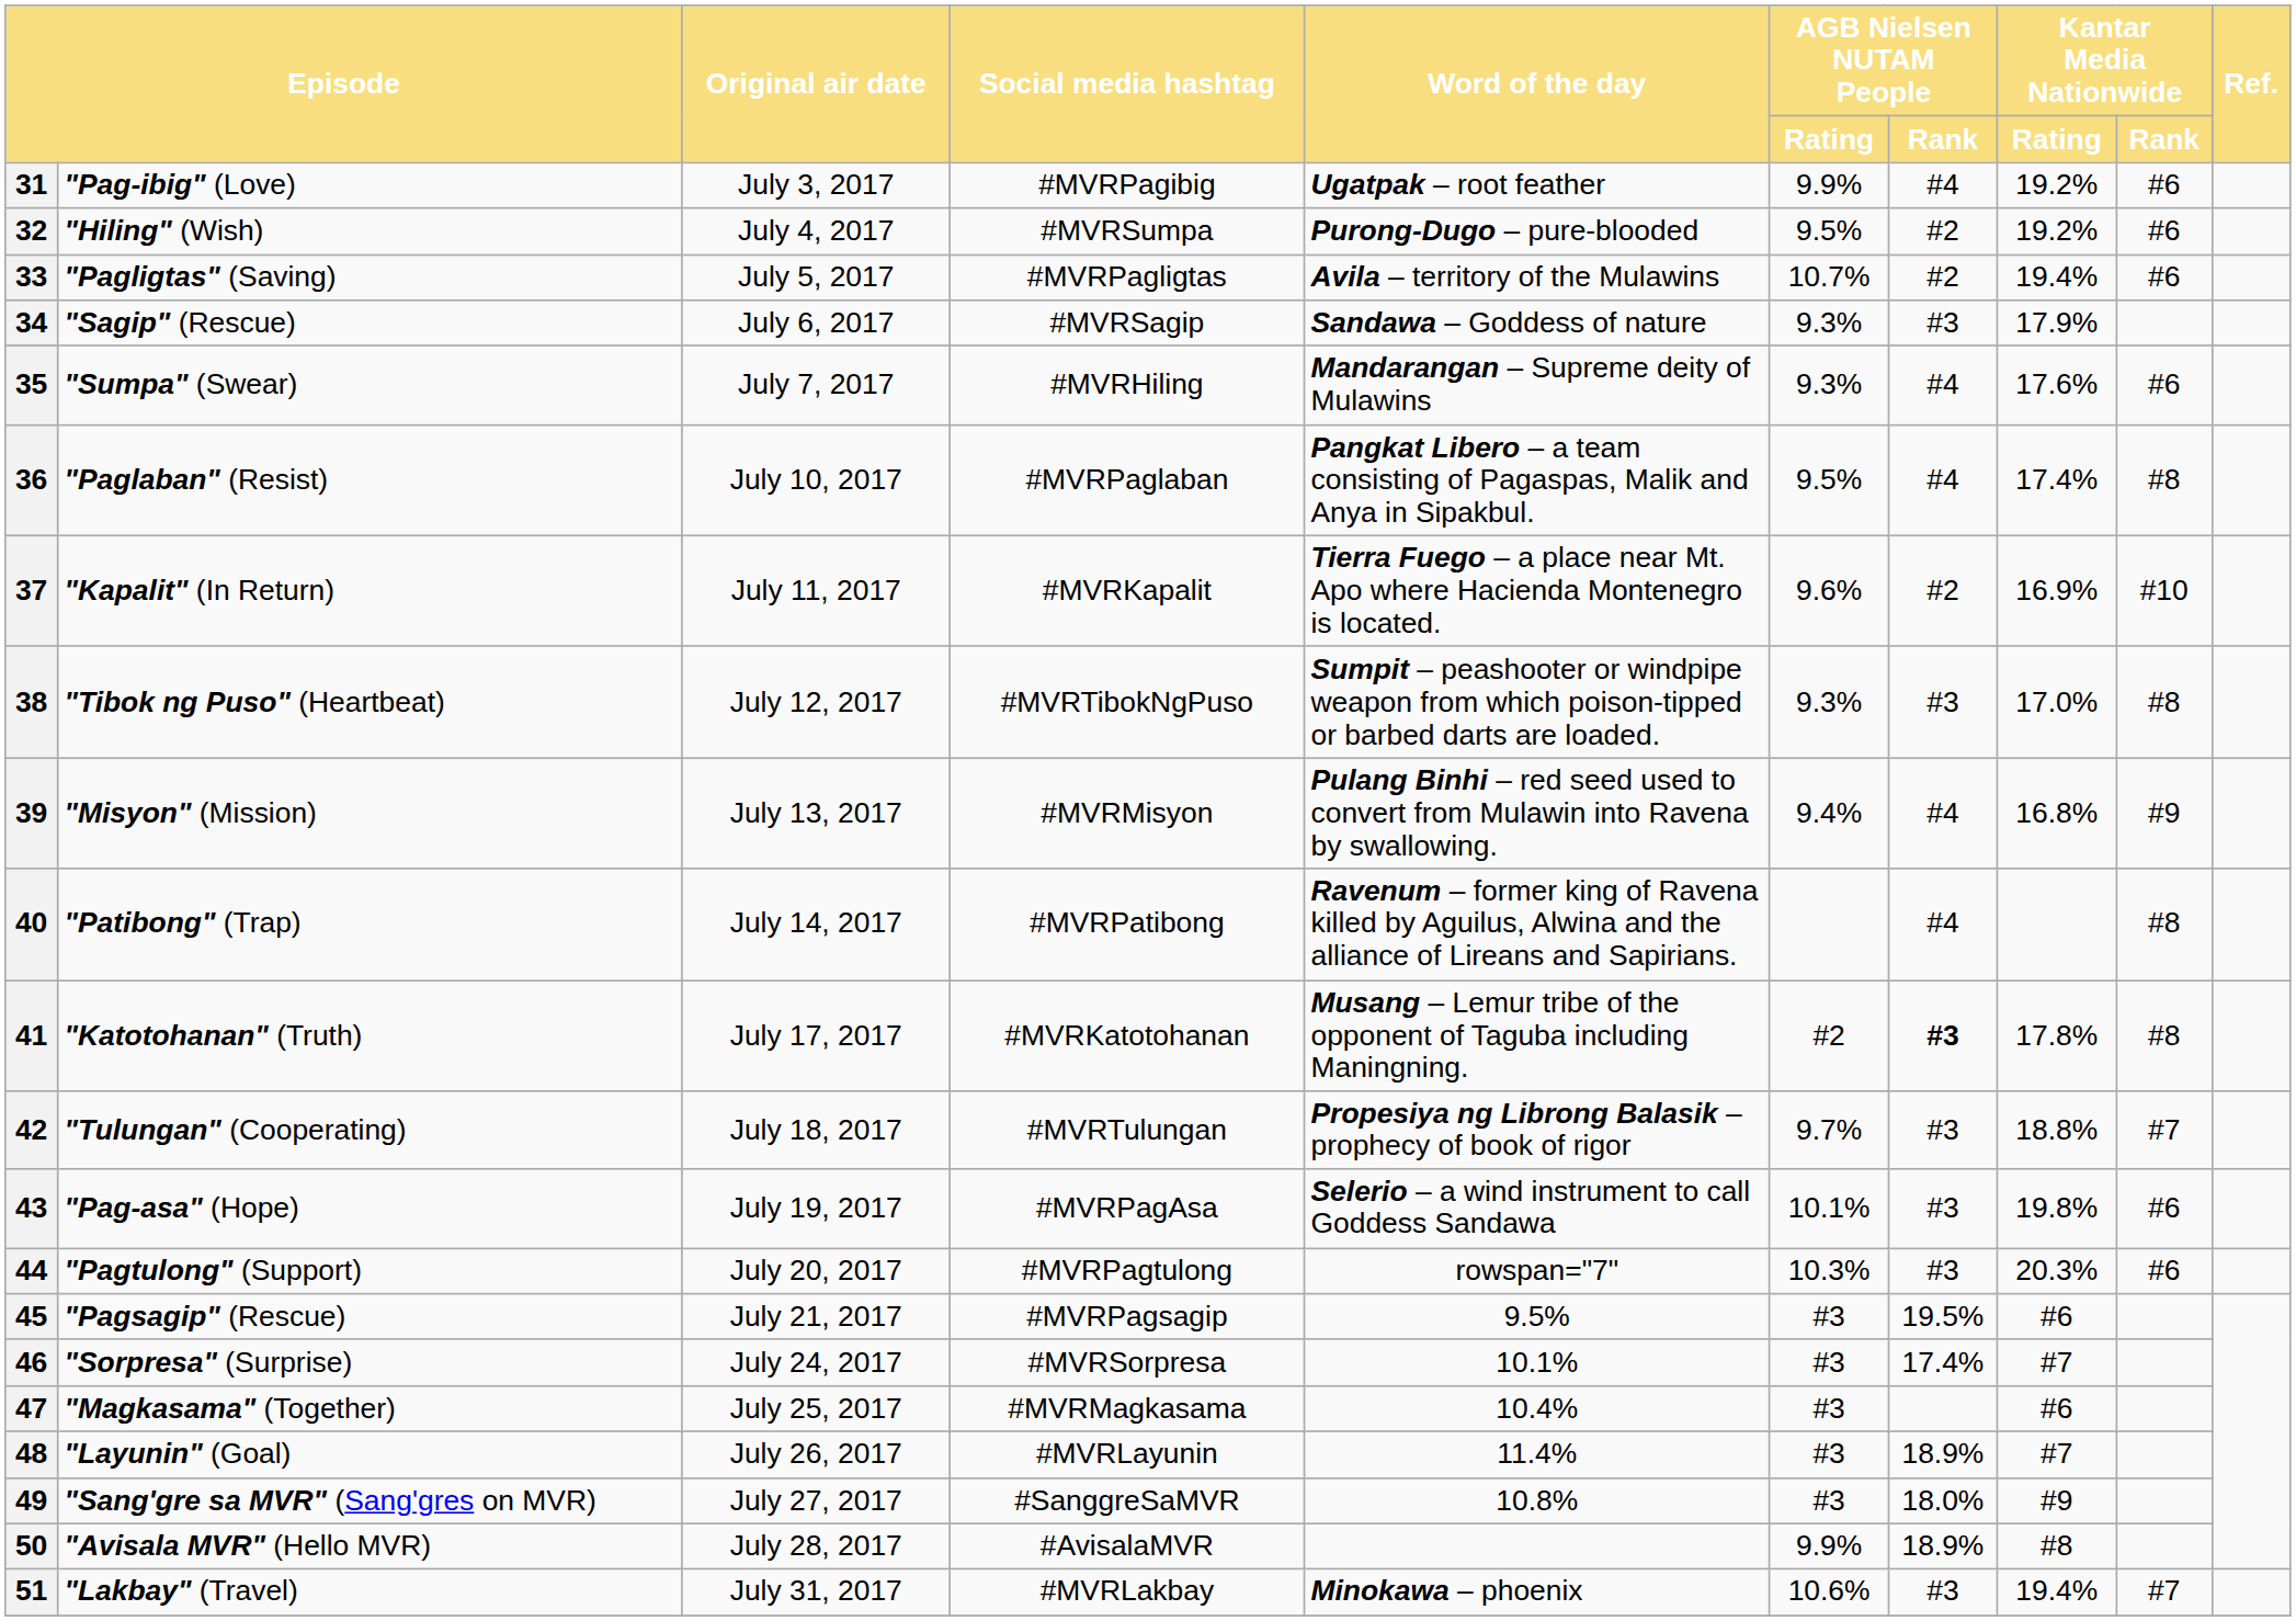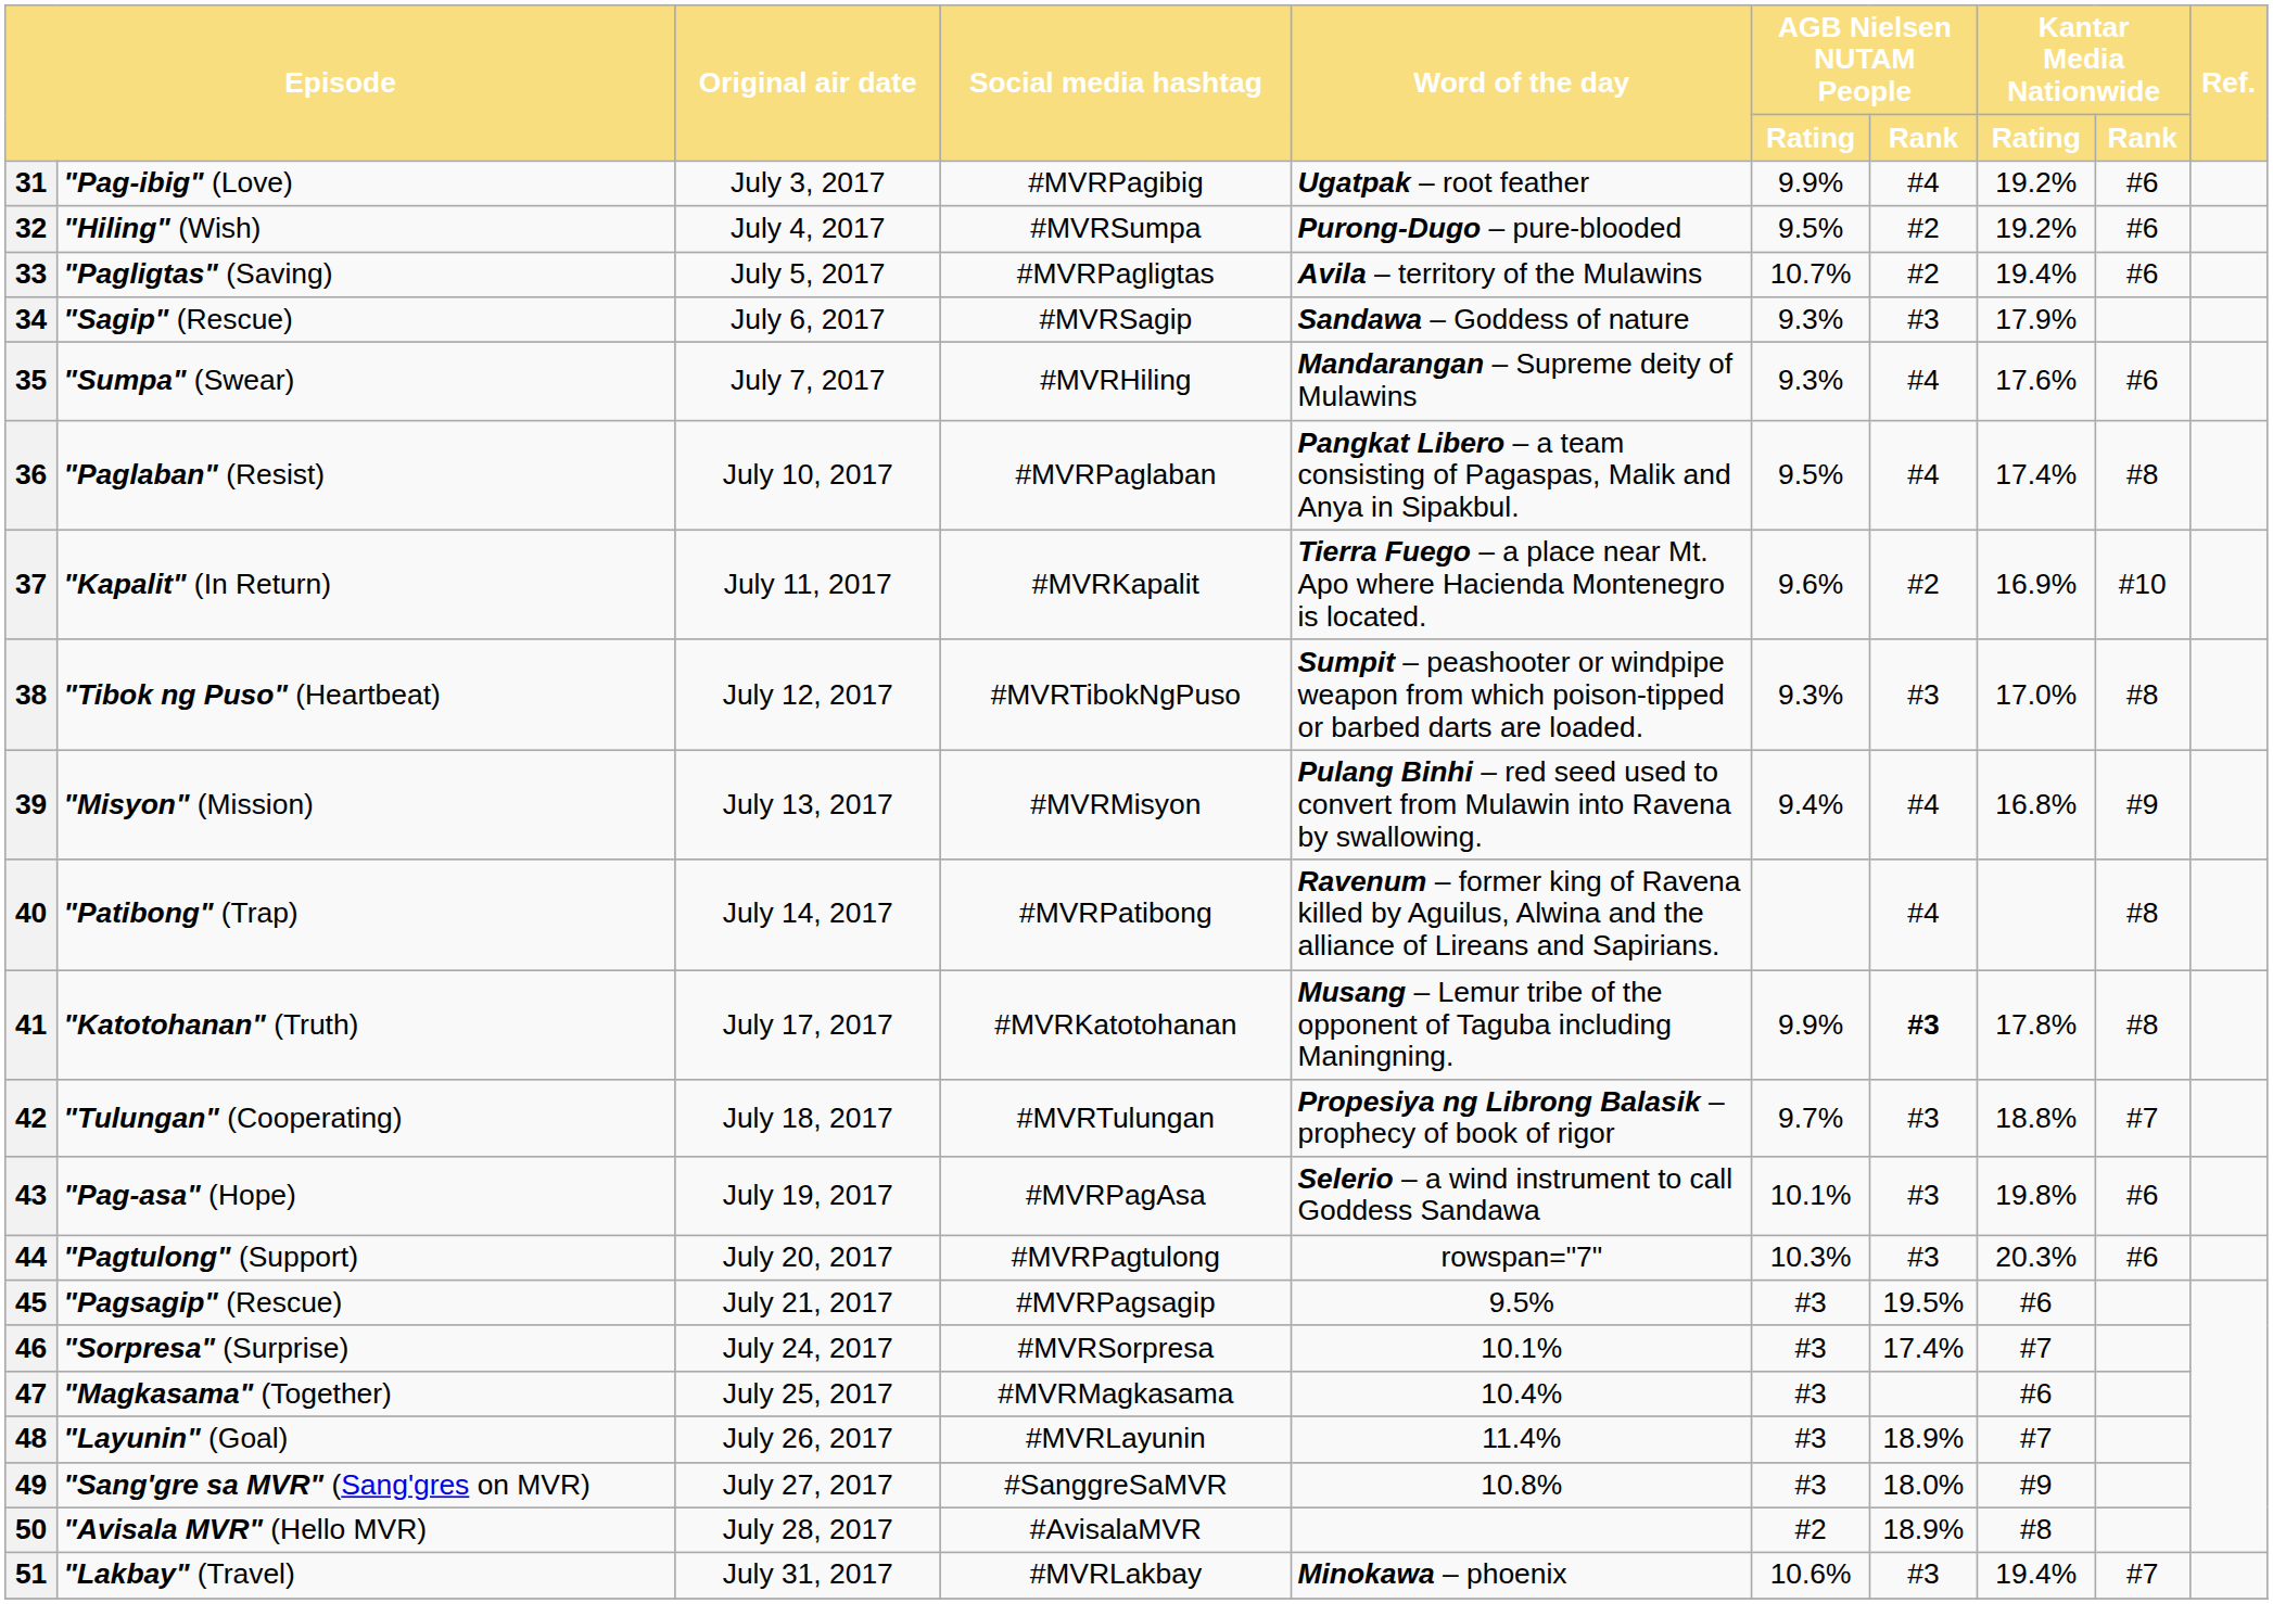 <table class="wikitable" style="text-align:center; font-size:100%; line-height:18px;"  width="100%">
 <tr>
 <th colspan="2" rowspan="2" style="background:#F8DE7E; color:#ffffff">Episode</th>
 <th rowspan="2" style="background:#F8DE7E; color:#ffffff">Original air date</th>
 <th rowspan="2" style="background:#F8DE7E; color:#ffffff">Social media hashtag</th>
 <th rowspan="2" style="background:#F8DE7E; width:250px; color:#ffffff">Word of the day</th>
 <th colspan="2" style="background:#F8DE7E; color:#ffffff">AGB Nielsen<br>NUTAM<br>People</th>
 <th colspan="2" style="background:#F8DE7E; color:#ffffff">Kantar<br>Media<br>Nationwide</th>
 <th rowspan="2" style="background:#F8DE7E; color:#ffffff">Ref.</th>
 </tr>
 <tr>
 <th style="background-color:#F8DE7E; color:#ffffff;">Rating</th>
 <th style="background-color:#F8DE7E; color:#ffffff;">Rank</th>
 <th style="background-color:#F8DE7E; color:#ffffff;">Rating</th>
 <th style="background-color:#F8DE7E; color:#ffffff;">Rank</th>
 </tr>
 <tr>
 <th>31</th>
 <td style="text-align: left;"><strong><em>"Pag-ibig"</em></strong> (Love)</td>
 <td>July 3, 2017</td>
 <td>#MVRPagibig</td>
 <td style="text-align: left;"><strong><em>Ugatpak</em></strong> – root feather</td>
 <td>9.9%</td>
 <td>#4</td>
 <td>19.2%</td>
 <td>#6</td>
 <td></td>
 </tr>
 <tr>
 <th>32</th>
 <td style="text-align: left;"><strong><em>"Hiling"</em></strong> (Wish)</td>
 <td>July 4, 2017</td>
 <td>#MVRSumpa</td>
 <td style="text-align: left;"><strong><em>Purong-Dugo</em></strong> – pure-blooded</td>
 <td>9.5%</td>
 <td>#2</td>
 <td>19.2%</td>
 <td>#6</td>
 <td></td>
 </tr>
 <tr>
 <th>33</th>
 <td style="text-align: left;"><strong><em>"Pagligtas"</em></strong> (Saving)</td>
 <td>July 5, 2017</td>
 <td>#MVRPagligtas</td>
 <td style="text-align: left;"><strong><em>Avila</em></strong> – territory of the Mulawins</td>
 <td>10.7%</td>
 <td>#2</td>
 <td>19.4%</td>
 <td>#6</td>
 <td></td>
 </tr>
 <tr>
 <th>34</th>
 <td style="text-align: left;"><strong><em>"Sagip"</em></strong> (Rescue)</td>
 <td>July 6, 2017</td>
 <td>#MVRSagip</td>
 <td style="text-align: left;"><strong><em>Sandawa</em></strong> – Goddess of nature</td>
 <td>9.3%</td>
 <td>#3</td>
 <td>17.9%</td>
 <td></td>
 <td></td>
 </tr>
 <tr>
 <th>35</th>
 <td style="text-align: left;"><strong><em>"Sumpa"</em></strong> (Swear)</td>
 <td>July 7, 2017</td>
 <td>#MVRHiling</td>
 <td style="text-align: left;"><strong><em>Mandarangan</em></strong> – Supreme deity of Mulawins</td>
 <td>9.3%</td>
 <td>#4</td>
 <td>17.6%</td>
 <td>#6</td>
 <td></td>
 </tr>
 <tr>
 <th>36</th>
 <td style="text-align: left;"><strong><em>"Paglaban"</em></strong> (Resist)</td>
 <td>July 10, 2017</td>
 <td>#MVRPaglaban</td>
 <td style="text-align: left;"><strong><em>Pangkat Libero</em></strong> – a team consisting of Pagaspas, Malik and Anya in Sipakbul.</td>
 <td>9.5%</td>
 <td>#4</td>
 <td>17.4%</td>
 <td>#8</td>
 <td></td>
 </tr>
 <tr>
 <th>37</th>
 <td style="text-align: left;"><strong><em>"Kapalit"</em></strong> (In Return)</td>
 <td>July 11, 2017</td>
 <td>#MVRKapalit</td>
 <td style="text-align: left;"><strong><em>Tierra Fuego</em></strong> – a place near Mt. Apo where Hacienda Montenegro is located.</td>
 <td>9.6%</td>
 <td>#2</td>
 <td>16.9%</td>
 <td>#10</td>
 <td></td>
 </tr>
 <tr>
 <th>38</th>
 <td style="text-align: left;"><strong><em>"Tibok ng Puso"</em></strong> (Heartbeat)</td>
 <td>July 12, 2017</td>
 <td>#MVRTibokNgPuso</td>
 <td style="text-align: left;"><strong><em>Sumpit</em></strong> – peashooter or windpipe weapon from which poison-tipped or barbed darts are loaded.</td>
 <td>9.3%</td>
 <td>#3</td>
 <td>17.0%</td>
 <td>#8</td>
 <td></td>
 </tr>
 <tr>
 <th>39</th>
 <td style="text-align: left;"><strong><em>"Misyon"</em></strong> (Mission)</td>
 <td>July 13, 2017</td>
 <td>#MVRMisyon</td>
 <td style="text-align: left;"><strong><em>Pulang Binhi</em></strong> – red seed used to convert from Mulawin into Ravena by swallowing.</td>
 <td>9.4%</td>
 <td>#4</td>
 <td>16.8%</td>
 <td>#9</td>
 <td></td>
 </tr>
 <tr>
 <th>40</th>
 <td style="text-align: left;"><strong><em>"Patibong"</em></strong> (Trap)</td>
 <td>July 14, 2017</td>
 <td>#MVRPatibong</td>
 <td style="text-align: left;"><strong><em>Ravenum</em></strong> – former king of Ravena killed by Aguilus, Alwina and the alliance of Lireans and Sapirians.</td>
 <td></td>
 <td>#4</td>
 <td></td>
 <td>#8</td>
 <td></td>
 </tr>
 <tr>
 <th>41</th>
 <td style="text-align: left;"><strong><em>"Katotohanan"</em></strong> (Truth)</td>
 <td>July 17, 2017</td>
 <td>#MVRKatotohanan</td>
 <td style="text-align: left;"><strong><em>Musang</em></strong> – Lemur tribe of the opponent of Taguba including Maningning.</td>
-<td>#2</td>
+<td>9.9%</td>
 <td><strong>#3</strong></td>
 <td>17.8%</td>
 <td>#8</td>
 <td></td>
 </tr>
 <tr>
 <th>42</th>
 <td style="text-align: left;"><strong><em>"Tulungan"</em></strong> (Cooperating)</td>
 <td>July 18, 2017</td>
 <td>#MVRTulungan</td>
 <td style="text-align: left;"><strong><em>Propesiya ng Librong Balasik</em></strong> – prophecy of book of rigor</td>
 <td>9.7%</td>
 <td>#3</td>
 <td>18.8%</td>
 <td>#7</td>
 <td></td>
 </tr>
 <tr>
 <th>43</th>
 <td style="text-align: left;"><strong><em>"Pag-asa"</em></strong> (Hope)</td>
 <td>July 19, 2017</td>
 <td>#MVRPagAsa</td>
 <td style="text-align: left;"><strong><em>Selerio</em></strong> – a wind instrument to call Goddess Sandawa</td>
 <td>10.1%</td>
 <td>#3</td>
 <td>19.8%</td>
 <td>#6</td>
 <td></td>
 </tr>
 <tr>
 <th>44</th>
 <td style="text-align: left;"><strong><em>"Pagtulong"</em></strong> (Support)</td>
 <td>July 20, 2017</td>
 <td>#MVRPagtulong</td>
 <td>rowspan="7" </td>
 <td>10.3%</td>
 <td>#3</td>
 <td>20.3%</td>
 <td>#6</td>
 <td></td>
 </tr>
 <tr>
 <th>45</th>
 <td style="text-align: left;"><strong><em>"Pagsagip"</em></strong> (Rescue)</td>
 <td>July 21, 2017</td>
 <td>#MVRPagsagip</td>
 <td>9.5%</td>
 <td>#3</td>
 <td>19.5%</td>
 <td>#6</td>
 <td></td>
 </tr>
 <tr>
 <th>46</th>
 <td style="text-align: left;"><strong><em>"Sorpresa"</em></strong> (Surprise)</td>
 <td>July 24, 2017</td>
 <td>#MVRSorpresa</td>
 <td>10.1%</td>
 <td>#3</td>
 <td>17.4%</td>
 <td>#7</td>
 <td></td>
 </tr>
 <tr>
 <th>47</th>
 <td style="text-align: left;"><strong><em>"Magkasama"</em></strong> (Together)</td>
 <td>July 25, 2017</td>
 <td>#MVRMagkasama</td>
 <td>10.4%</td>
 <td>#3</td>
 <td></td>
 <td>#6</td>
 <td></td>
 </tr>
 <tr>
 <th>48</th>
 <td style="text-align: left;"><strong><em>"Layunin"</em></strong> (Goal)</td>
 <td>July 26, 2017</td>
 <td>#MVRLayunin</td>
 <td>11.4%</td>
 <td>#3</td>
 <td>18.9%</td>
 <td>#7</td>
 <td></td>
 </tr>
 <tr>
 <th>49</th>
 <td style="text-align: left;"><strong><em>"Sang'gre sa MVR"</em></strong> (<a href='#'>Sang'gres</a> on MVR)</td>
 <td>July 27, 2017</td>
 <td>#SanggreSaMVR</td>
 <td>10.8%</td>
 <td>#3</td>
 <td>18.0%</td>
 <td>#9</td>
 <td></td>
 </tr>
 <tr>
 <th>50</th>
 <td style="text-align: left;"><strong><em>"Avisala MVR"</em></strong> (Hello MVR)</td>
 <td>July 28, 2017</td>
 <td>#AvisalaMVR</td>
 <td></td>
-<td>9.9%</td>
+<td>#2</td>
 <td>18.9%</td>
 <td>#8</td>
 <td></td>
 </tr>
 <tr>
 <th>51</th>
 <td style="text-align: left;"><strong><em>"Lakbay"</em></strong> (Travel)</td>
 <td>July 31, 2017</td>
 <td>#MVRLakbay</td>
 <td style="text-align: left;"><strong><em>Minokawa</em></strong> – phoenix</td>
 <td>10.6%</td>
 <td>#3</td>
 <td>19.4%</td>
 <td>#7</td>
 <td></td>
 </tr>
 <tr>
 </tr>
 </table>
